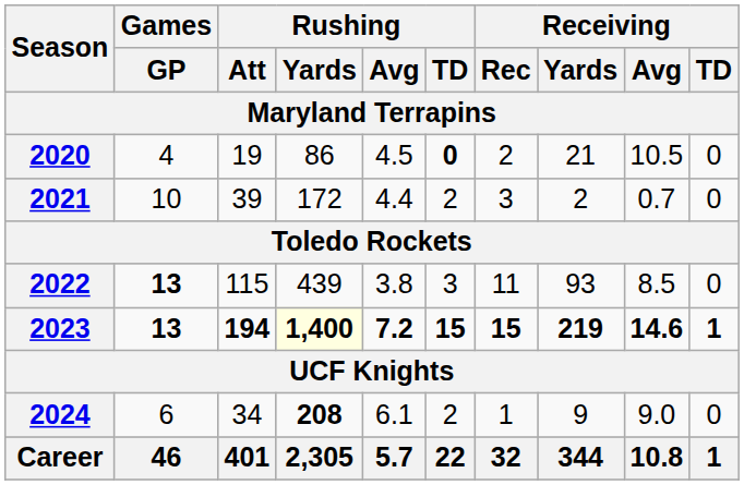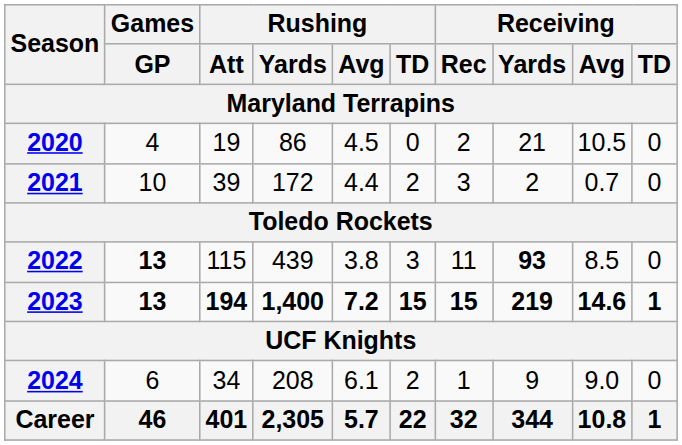 <table class="wikitable" style="text-align:center;">
 <tr>
 <th rowspan="2">Season</th>
 <th>Games</th>
 <th colspan="4">Rushing</th>
 <th colspan="4">Receiving</th>
 </tr>
 <tr>
 <th>GP</th>
 <th>Att</th>
 <th>Yards</th>
 <th>Avg</th>
 <th>TD</th>
 <th>Rec</th>
 <th>Yards</th>
 <th>Avg</th>
 <th>TD</th>
 </tr>
 <tr>
 <th colspan="11">Maryland Terrapins</th>
 </tr>
 <tr>
 <th><a href='#'>2020</a></th>
 <td>4</td>
 <td>19</td>
 <td>86</td>
 <td>4.5</td>
-<td><strong>0</strong></td>
+<td>0</td>
 <td>2</td>
 <td>21</td>
 <td>10.5</td>
 <td>0</td>
 </tr>
 <tr>
 <th><a href='#'>2021</a></th>
 <td>10</td>
 <td>39</td>
 <td>172</td>
 <td>4.4</td>
 <td>2</td>
 <td>3</td>
 <td>2</td>
 <td>0.7</td>
 <td>0</td>
 </tr>
 <tr>
 <th colspan="11">Toledo Rockets</th>
 </tr>
 <tr>
 <th><a href='#'>2022</a></th>
 <td><strong>13</strong></td>
 <td>115</td>
 <td>439</td>
 <td>3.8</td>
 <td>3</td>
 <td>11</td>
-<td>93</td>
+<td><strong>93</strong></td>
 <td>8.5</td>
 <td>0</td>
 </tr>
 <tr>
 <th><a href='#'>2023</a></th>
 <td><strong>13</strong></td>
 <td><strong>194</strong></td>
-<td style="background: lightyellow;"><strong>1,400</strong></td>
+<td><strong>1,400</strong></td>
 <td><strong>7.2</strong></td>
 <td><strong>15</strong></td>
 <td><strong>15</strong></td>
 <td><strong>219</strong></td>
 <td><strong>14.6</strong></td>
 <td><strong>1</strong></td>
 </tr>
 <tr>
 <th colspan="11">UCF Knights</th>
 </tr>
 <tr>
 <th><a href='#'>2024</a></th>
 <td>6</td>
 <td>34</td>
-<td><strong>208</strong></td>
+<td>208</td>
 <td>6.1</td>
 <td>2</td>
 <td>1</td>
 <td>9</td>
 <td>9.0</td>
 <td>0</td>
 </tr>
 <tr>
 <th>Career</th>
 <th>46</th>
 <th>401</th>
 <th>2,305</th>
 <th>5.7</th>
 <th>22</th>
 <th>32</th>
 <th>344</th>
 <th>10.8</th>
 <th>1</th>
 </tr>
 </table>
